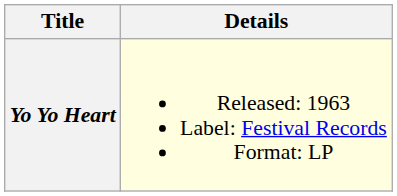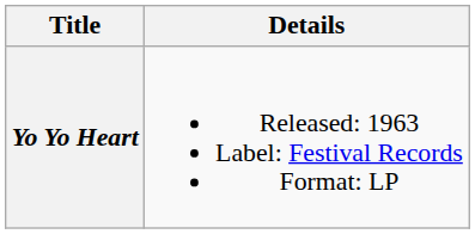 <table class="wikitable plainrowheaders" style="text-align:center;" border="1">
 <tr>
 <th>Title</th>
 <th>Details</th>
 </tr>
 <tr>
 <th scope="row"><em>Yo Yo Heart</em></th>
-<td style="background: lightyellow;"><br><ul><li>Released: 1963</li><li>Label: <a href='#'>Festival Records</a></li><li>Format: LP</li></ul></td>
+<td><br><ul><li>Released: 1963</li><li>Label: <a href='#'>Festival Records</a></li><li>Format: LP</li></ul></td>
 </tr>
 </table>
